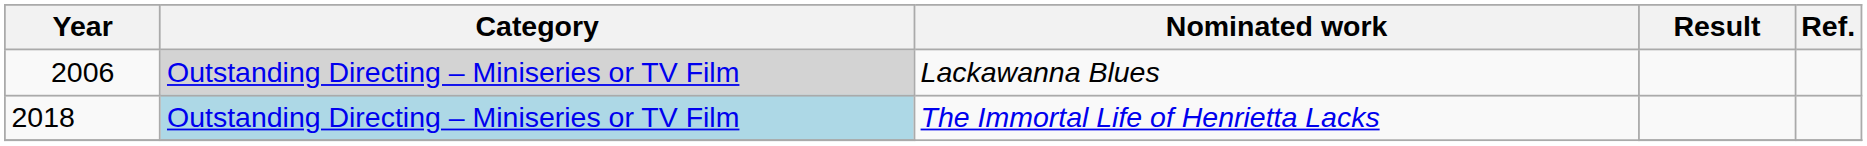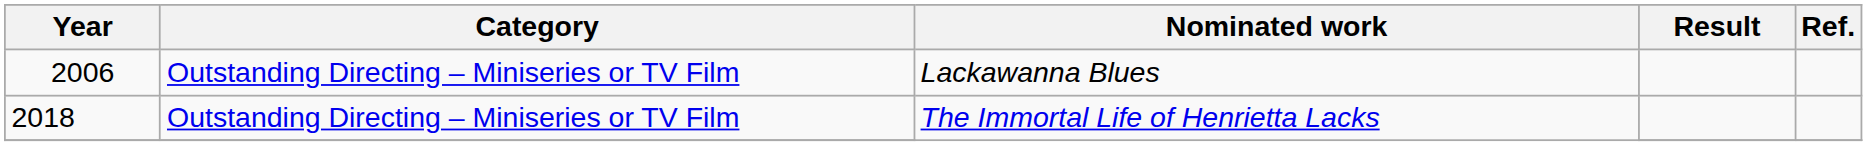 <table class=wikitable>
 <tr>
 <th scope="col" style="width:5em;">Year</th>
 <th scope="col" style="width:26em;">Category</th>
 <th scope="col" style="width:25em;">Nominated work</th>
 <th scope="col" style="width:5em;">Result</th>
 <th>Ref.</th>
 </tr>
 <tr>
 <td style="text-align:center;">2006</td>
-<td style="background: lightgrey;"><a href='#'>Outstanding Directing – Miniseries or TV Film</a></td>
+<td><a href='#'>Outstanding Directing – Miniseries or TV Film</a></td>
 <td><em>Lackawanna Blues</em></td>
 <td></td>
 <td></td>
 </tr>
 <tr>
 <td>2018</td>
-<td style="background: lightblue;"><a href='#'>Outstanding Directing – Miniseries or TV Film</a></td>
+<td><a href='#'>Outstanding Directing – Miniseries or TV Film</a></td>
 <td rowspan="2"><em><a href='#'>The Immortal Life of Henrietta Lacks</a></em></td>
 <td></td>
 <td></td>
 </tr>
 <tr>
 </tr>
 </table>
